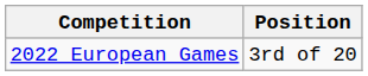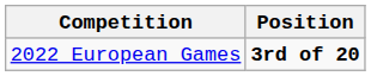 <table class="wikitable">
 <tr>
 <th>Competition</th>
 <th>Position</th>
 </tr>
 <tr>
 <td> <a href='#'>2022 European Games</a></td>
-<td>3rd of 20</td>
+<td><strong>3rd of 20</strong></td>
 </tr>
 </table>
